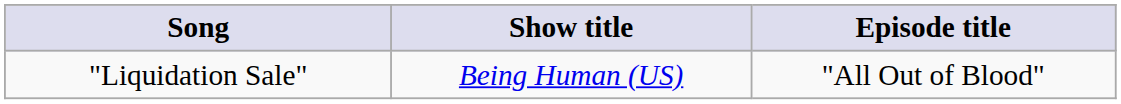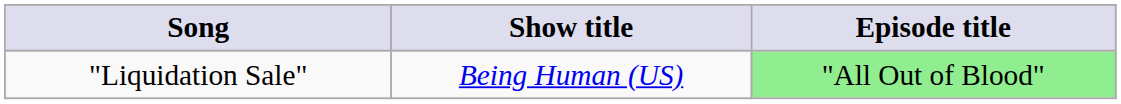 <table class="wikitable sortable" style="text-align: center">
 <tr>
 <th style="background:#dde; width:300px;">Song</th>
 <th style="background:#dde; width:300px;">Show title</th>
 <th style="background:#dde; width:300px;">Episode title</th>
 </tr>
 <tr>
 <td>"Liquidation Sale"</td>
 <td><em><a href='#'>Being Human (US)</a></em></td>
-<td>"All Out of Blood"</td>
+<td style="background: lightgreen;">"All Out of Blood"</td>
 </tr>
 </table>
